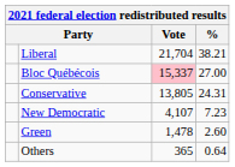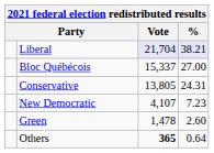 <table class="wikitable">
 <tr>
 <th colspan="4"><a href='#'>2021 federal election</a> redistributed results</th>
 </tr>
 <tr>
 <th bgcolor="#DDDDFF" width="130px" colspan="2">Party</th>
 <th bgcolor="#DDDDFF" width="50px">Vote</th>
 <th bgcolor="#DDDDFF" width="30px">%</th>
 </tr>
 <tr>
 <td> </td>
 <td><a href='#'>Liberal</a></td>
-<td align=right>21,704</td>
-<td align=right>38.21</td>
+<td align=right style="background: lavender;">21,704</td>
+<td align=right style="background: lavender;">38.21</td>
 </tr>
 <tr>
 <td> </td>
 <td><a href='#'>Bloc Québécois</a></td>
-<td align=right style="background: pink;">15,337</td>
+<td align=right>15,337</td>
 <td align=right>27.00</td>
 </tr>
 <tr>
 <td> </td>
 <td><a href='#'>Conservative</a></td>
 <td align=right>13,805</td>
 <td align=right>24.31</td>
 </tr>
 <tr>
 <td> </td>
 <td><a href='#'>New Democratic</a></td>
 <td align=right>4,107</td>
 <td align=right>7.23</td>
 </tr>
 <tr>
 <td> </td>
 <td><a href='#'>Green</a></td>
 <td align=right>1,478</td>
 <td align=right>2.60</td>
 </tr>
 <tr>
 <td> </td>
 <td>Others</td>
-<td align=right>365</td>
+<td align=right><strong>365</strong></td>
 <td align=right>0.64</td>
 </tr>
 </table>
